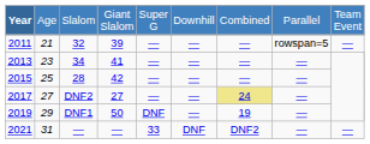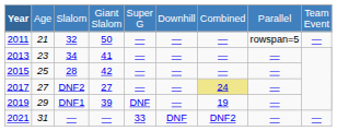 <table class="wikitable" style="font-size:95%; text-align:center; border:grey solid 1px; border-collapse:collapse;" width="50%">
 <tr style="background-color:#369; color:white;">
 <td rowspan="2" colspan="1" width="5%"><strong>Year</strong></td>
 </tr>
 <tr style="background-color:#4180be; color:white;">
 <td width="5%">Age</td>
 <td width="5%">Slalom</td>
 <td width="5%">Giant<br>Slalom</td>
 <td width="5%">Super G</td>
 <td width="5%">Downhill</td>
 <td width="5%">Combined</td>
 <td width="5%">Parallel</td>
 <td width="5%">Team Event</td>
 </tr>
 <tr style="background-color:#8CB2D8; color:white;">
 </tr>
 <tr>
 <td><a href='#'>2011</a></td>
 <td><em>21</em></td>
 <td><a href='#'>32</a></td>
-<td><a href='#'>39</a></td>
+<td><a href='#'>50</a></td>
 <td><a href='#'>—</a></td>
 <td><a href='#'>—</a></td>
 <td><a href='#'>—</a></td>
 <td>rowspan=5 </td>
 <td><a href='#'>—</a></td>
 </tr>
 <tr>
 <td><a href='#'>2013</a></td>
 <td><em>23</em></td>
 <td><a href='#'>34</a></td>
 <td><a href='#'>41</a></td>
 <td><a href='#'>—</a></td>
 <td><a href='#'>—</a></td>
 <td><a href='#'>—</a></td>
 <td><a href='#'>—</a></td>
 </tr>
 <tr>
 <td><a href='#'>2015</a></td>
 <td><em>25</em></td>
 <td><a href='#'>28</a></td>
 <td><a href='#'>42</a></td>
 <td><a href='#'>—</a></td>
 <td><a href='#'>—</a></td>
 <td><a href='#'>—</a></td>
 <td><a href='#'>—</a></td>
 </tr>
 <tr>
 <td><a href='#'>2017</a></td>
 <td><em>27</em></td>
 <td><a href='#'>DNF2</a></td>
 <td><a href='#'>27</a></td>
 <td><a href='#'>—</a></td>
 <td><a href='#'>—</a></td>
 <td style="background: khaki;"><a href='#'>24</a></td>
 <td><a href='#'>—</a></td>
 </tr>
 <tr>
 <td><a href='#'>2019</a></td>
 <td><em>29</em></td>
 <td><a href='#'>DNF1</a></td>
-<td><a href='#'>50</a></td>
+<td><a href='#'>39</a></td>
 <td><a href='#'>DNF</a></td>
 <td><a href='#'>—</a></td>
 <td><a href='#'>19</a></td>
 <td><a href='#'>—</a></td>
 </tr>
 <tr>
 <td><a href='#'>2021</a></td>
 <td><em>31</em></td>
 <td><a href='#'>—</a></td>
 <td><a href='#'>—</a></td>
 <td><a href='#'>33</a></td>
 <td><a href='#'>DNF</a></td>
 <td><a href='#'>DNF2</a></td>
 <td><a href='#'>—</a></td>
 <td><a href='#'>—</a></td>
 </tr>
 </table>
